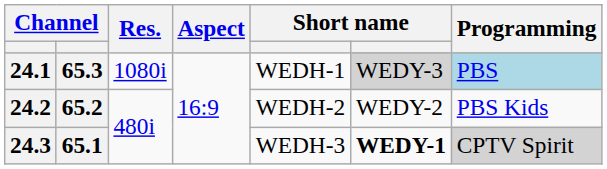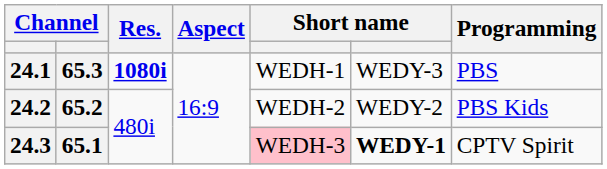 <table class=wikitable>
 <tr>
 <th scope = "col" colspan="2"><a href='#'>Channel</a></th>
 <th scope = "col" rowspan="2"><a href='#'>Res.</a></th>
 <th scope = "col" rowspan="2"><a href='#'>Aspect</a></th>
 <th scope = "col" colspan="2">Short name</th>
 <th scope = "col" rowspan="2">Programming</th>
 </tr>
 <tr>
 <th scope = "col"></th>
 <th></th>
 <th scope = "col"></th>
 <th></th>
 </tr>
 <tr>
 <th scope = "row">24.1</th>
 <th>65.3</th>
-<td><a href='#'>1080i</a></td>
+<td><strong><a href='#'>1080i</a></strong></td>
 <td rowspan=3><a href='#'>16:9</a></td>
 <td>WEDH-1</td>
-<td style="background: lightgrey;">WEDY-3</td>
-<td style="background: lightblue;"><a href='#'>PBS</a></td>
+<td>WEDY-3</td>
+<td><a href='#'>PBS</a></td>
 </tr>
 <tr>
 <th scope = "row">24.2</th>
 <th>65.2</th>
 <td rowspan=2><a href='#'>480i</a></td>
 <td>WEDH-2</td>
 <td>WEDY-2</td>
 <td><a href='#'>PBS Kids</a></td>
 </tr>
 <tr>
 <th scope = "row">24.3</th>
 <th>65.1</th>
-<td>WEDH-3</td>
+<td style="background: pink;">WEDH-3</td>
 <td><strong>WEDY-1</strong></td>
-<td style="background: lightgrey;">CPTV Spirit</td>
+<td>CPTV Spirit</td>
 </tr>
 </table>
